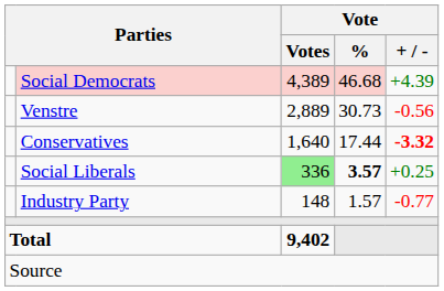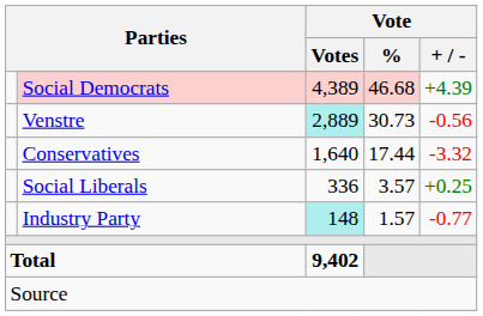 <table class="wikitable" style="text-align:right;">
 <tr>
 <th style="text-align:centre;" rowspan="2" colspan="2" width="225">Parties</th>
 <th colspan="3">Vote</th>
 </tr>
 <tr>
 <th width="15">Votes</th>
 <th width="15">%</th>
 <th width="15">+ / -</th>
 </tr>
 <tr>
 <td width="2" style="color:inherit;background:"></td>
 <td bgcolor=#fbd0ce  align="left"><a href='#'>Social Democrats</a></td>
 <td bgcolor=#fbd0ce>4,389</td>
 <td bgcolor=#fbd0ce>46.68</td>
 <td style=color:green;>+4.39</td>
 </tr>
 <tr>
 <td width="2" style="color:inherit;background:"></td>
 <td align="left"><a href='#'>Venstre</a></td>
-<td>2,889</td>
+<td style="background: paleturquoise;">2,889</td>
 <td>30.73</td>
 <td style=color:red;>-0.56</td>
 </tr>
 <tr>
 <td width="2" style="color:inherit;background:"></td>
 <td align="left"><a href='#'>Conservatives</a></td>
 <td>1,640</td>
 <td>17.44</td>
-<td style=color:red;><strong>-3.32</strong></td>
+<td style=color:red;>-3.32</td>
 </tr>
 <tr>
 <td width="2" style="color:inherit;background:"></td>
 <td align="left"><a href='#'>Social Liberals</a></td>
-<td style="background: lightgreen;">336</td>
-<td><strong>3.57</strong></td>
+<td>336</td>
+<td>3.57</td>
 <td style=color:green;>+0.25</td>
 </tr>
 <tr>
 <td width="2" style="color:inherit;background:"></td>
 <td align="left"><a href='#'>Industry Party</a></td>
-<td>148</td>
+<td style="background: paleturquoise;">148</td>
 <td>1.57</td>
 <td style=color:red;>-0.77</td>
 </tr>
 <tr>
 <td colspan="7" bgcolor="#E9E9E9"></td>
 </tr>
 <tr>
 <td align="left" colspan="2"><strong>Total</strong></td>
 <td><strong>9,402</strong></td>
 <td bgcolor="#E9E9E9" colspan="2"></td>
 </tr>
 <tr>
 <td align="left" colspan="6">Source</td>
 </tr>
 </table>
